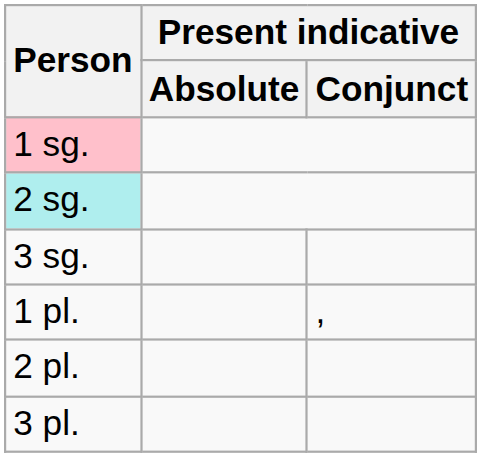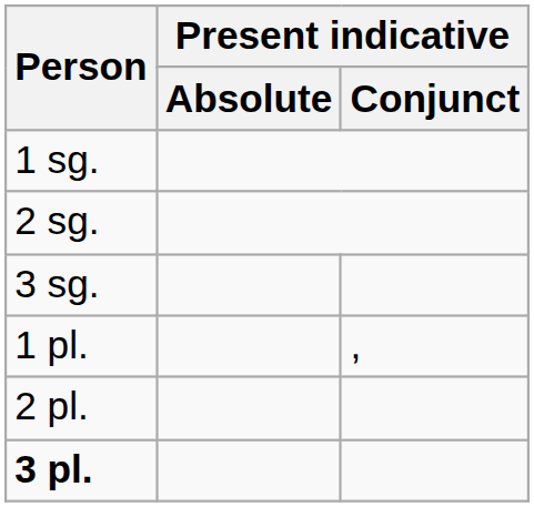 <table class=wikitable>
 <tr>
 <th rowspan=2>Person</th>
 <th colspan="2" style="text-align:center;">Present indicative</th>
 </tr>
 <tr>
 <th>Absolute</th>
 <th>Conjunct</th>
 </tr>
 <tr>
-<td style="background: pink;">1 sg.</td>
+<td>1 sg.</td>
 <td colspan="2" style="text-align:center;"></td>
 </tr>
 <tr>
-<td style="background: paleturquoise;">2 sg.</td>
+<td>2 sg.</td>
 <td colspan="2" style="text-align:center;"></td>
 </tr>
 <tr>
 <td>3 sg.</td>
 <td></td>
 <td></td>
 </tr>
 <tr>
 <td>1 pl.</td>
 <td></td>
 <td>, </td>
 </tr>
 <tr>
 <td>2 pl.</td>
 <td></td>
 <td></td>
 </tr>
 <tr>
-<td>3 pl.</td>
+<td><strong>3 pl.</strong></td>
 <td></td>
 <td></td>
 </tr>
 </table>
